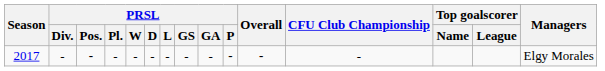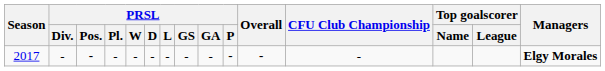 <table class="wikitable">
 <tr style="background:#efefef;">
 <th rowspan="2">Season</th>
 <th colspan="9"><a href='#'>PRSL</a></th>
 <th rowspan="2">Overall</th>
 <th rowspan="2"><a href='#'>CFU Club Championship</a></th>
 <th colspan="2">Top goalscorer</th>
 <th rowspan="2">Managers</th>
 </tr>
 <tr>
 <th>Div.</th>
 <th>Pos.</th>
 <th>Pl.</th>
 <th>W</th>
 <th>D</th>
 <th>L</th>
 <th>GS</th>
 <th>GA</th>
 <th>P</th>
 <th>Name</th>
 <th>League</th>
 </tr>
 <tr>
 <td align=center><a href='#'>2017</a></td>
 <td align=center>-</td>
 <td align=center><strong>-</strong></td>
 <td align=center>-</td>
 <td align=center>-</td>
 <td align=center>-</td>
 <td align=center>-</td>
 <td align=center>-</td>
 <td align=center>-</td>
 <td align=center><strong>-</strong></td>
 <td align=center><strong>-</strong></td>
 <td align=center>-</td>
 <td align=center></td>
 <td align=center></td>
-<td align=center> Elgy Morales</td>
+<td align=center><strong> Elgy Morales</strong></td>
 </tr>
 </table>
